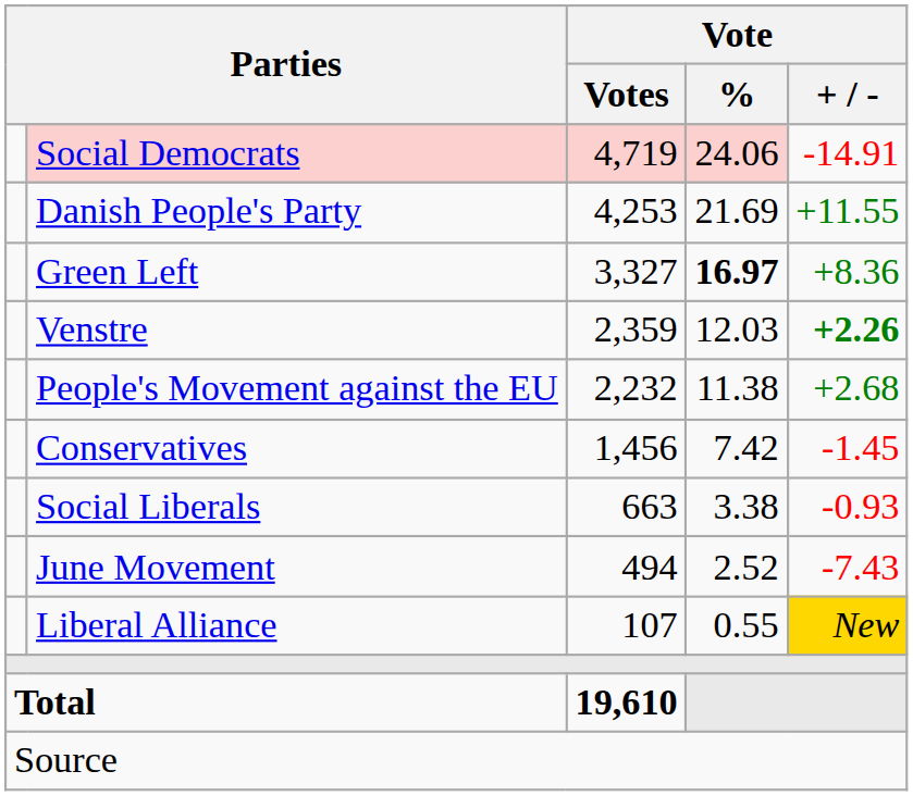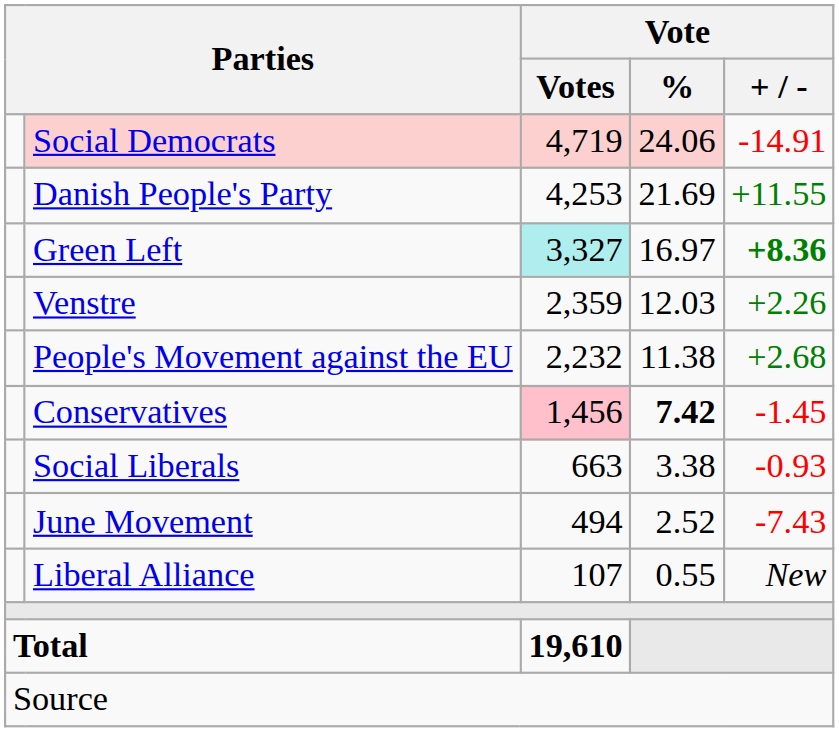 <table class="wikitable" style="text-align:right;">
 <tr>
 <th style="text-align:centre;" rowspan="2" colspan="2" width="225">Parties</th>
 <th colspan="3">Vote</th>
 </tr>
 <tr>
 <th width="15">Votes</th>
 <th width="15">%</th>
 <th width="15">+ / -</th>
 </tr>
 <tr>
 <td width="2" style="color:inherit;background:"></td>
 <td bgcolor=#fbd0ce   align="left"><a href='#'>Social Democrats</a></td>
 <td bgcolor=#fbd0ce>4,719</td>
 <td bgcolor=#fbd0ce>24.06</td>
 <td style=color:red;>-14.91</td>
 </tr>
 <tr>
 <td width="2" style="color:inherit;background:"></td>
 <td align="left"><a href='#'>Danish People's Party</a></td>
 <td>4,253</td>
 <td>21.69</td>
 <td style=color:green;>+11.55</td>
 </tr>
 <tr>
 <td width="2" style="color:inherit;background:"></td>
 <td align="left"><a href='#'>Green Left</a></td>
-<td>3,327</td>
-<td><strong>16.97</strong></td>
-<td style=color:green;>+8.36</td>
+<td style="background: paleturquoise;">3,327</td>
+<td>16.97</td>
+<td style=color:green;><strong>+8.36</strong></td>
 </tr>
 <tr>
 <td width="2" style="color:inherit;background:"></td>
 <td align="left"><a href='#'>Venstre</a></td>
 <td>2,359</td>
 <td>12.03</td>
-<td style=color:green;><strong>+2.26</strong></td>
+<td style=color:green;>+2.26</td>
 </tr>
 <tr>
 <td width="2" style="color:inherit;background:"></td>
 <td align="left"><a href='#'>People's Movement against the EU</a></td>
 <td>2,232</td>
 <td>11.38</td>
 <td style=color:green;>+2.68</td>
 </tr>
 <tr>
 <td width="2" style="color:inherit;background:"></td>
 <td align="left"><a href='#'>Conservatives</a></td>
-<td>1,456</td>
-<td>7.42</td>
+<td style="background: pink;">1,456</td>
+<td><strong>7.42</strong></td>
 <td style=color:red;>-1.45</td>
 </tr>
 <tr>
 <td width="2" style="color:inherit;background:"></td>
 <td align="left"><a href='#'>Social Liberals</a></td>
 <td>663</td>
 <td>3.38</td>
 <td style=color:red;>-0.93</td>
 </tr>
 <tr>
 <td width="2" style="color:inherit;background:"></td>
 <td align="left"><a href='#'>June Movement</a></td>
 <td>494</td>
 <td>2.52</td>
 <td style=color:red;>-7.43</td>
 </tr>
 <tr>
 <td width="2" style="color:inherit;background:"></td>
 <td align="left"><a href='#'>Liberal Alliance</a></td>
 <td>107</td>
 <td>0.55</td>
-<td style="background: gold;"><em>New</em></td>
+<td><em>New</em></td>
 </tr>
 <tr>
 <td colspan="7" bgcolor="#E9E9E9"></td>
 </tr>
 <tr>
 <td align="left" colspan="2"><strong>Total</strong></td>
 <td><strong>19,610</strong></td>
 <td bgcolor="#E9E9E9" colspan="2"></td>
 </tr>
 <tr>
 <td align="left" colspan="6">Source</td>
 </tr>
 </table>
